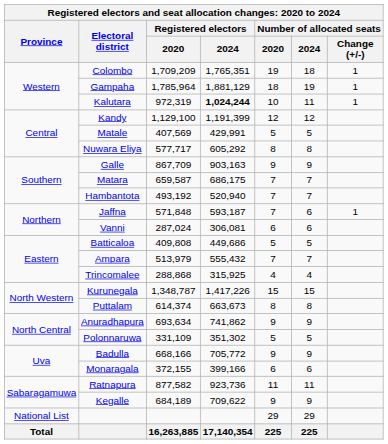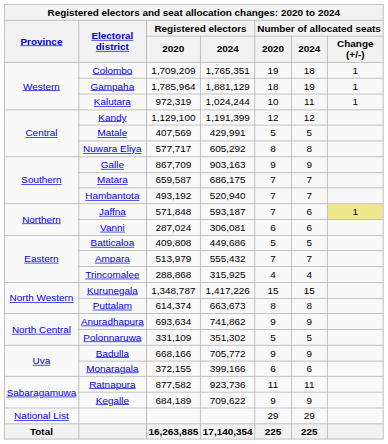 <table class="wikitable sortable sticky-header-multi mw-collapsible" style="font-size:90%; text-align:center">
 <tr>
 <th colspan=7>Registered electors and seat allocation changes: 2020 to 2024</th>
 </tr>
 <tr>
 <th rowspan="2"><a href='#'>Province</a></th>
 <th rowspan="2"><a href='#'>Electoral <br> district</a></th>
 <th colspan="2">Registered electors</th>
 <th colspan="3">Number of allocated seats</th>
 </tr>
 <tr>
 <th>2020</th>
 <th>2024</th>
 <th>2020</th>
 <th>2024</th>
 <th>Change <br> (+/-)</th>
 </tr>
 <tr>
 <td rowspan="3"><a href='#'>Western</a></td>
 <td><a href='#'>Colombo</a></td>
 <td>1,709,209</td>
 <td>1,765,351</td>
 <td>19</td>
 <td>18</td>
 <td>1</td>
 </tr>
 <tr>
 <td><a href='#'>Gampaha</a></td>
 <td>1,785,964</td>
 <td>1,881,129</td>
 <td>18</td>
 <td>19</td>
 <td>1</td>
 </tr>
 <tr>
 <td><a href='#'>Kalutara</a></td>
 <td>972,319</td>
-<td><strong>1,024,244</strong></td>
+<td>1,024,244</td>
 <td>10</td>
 <td>11</td>
 <td>1</td>
 </tr>
 <tr>
 <td rowspan="3"><a href='#'>Central</a></td>
 <td><a href='#'>Kandy</a></td>
 <td>1,129,100</td>
 <td>1,191,399</td>
 <td>12</td>
 <td>12</td>
 <td></td>
 </tr>
 <tr>
 <td><a href='#'>Matale</a></td>
 <td>407,569</td>
 <td>429,991</td>
 <td>5</td>
 <td>5</td>
 <td></td>
 </tr>
 <tr>
 <td><a href='#'>Nuwara Eliya</a></td>
 <td>577,717</td>
 <td>605,292</td>
 <td>8</td>
 <td>8</td>
 <td></td>
 </tr>
 <tr>
 <td rowspan="3"><a href='#'>Southern</a></td>
 <td><a href='#'>Galle</a></td>
 <td>867,709</td>
 <td>903,163</td>
 <td>9</td>
 <td>9</td>
 <td></td>
 </tr>
 <tr>
 <td><a href='#'>Matara</a></td>
 <td>659,587</td>
 <td>686,175</td>
 <td>7</td>
 <td>7</td>
 <td></td>
 </tr>
 <tr>
 <td><a href='#'>Hambantota</a></td>
 <td>493,192</td>
 <td>520,940</td>
 <td>7</td>
 <td>7</td>
 <td></td>
 </tr>
 <tr>
 <td rowspan="2"><a href='#'>Northern</a></td>
 <td><a href='#'>Jaffna</a></td>
 <td>571,848</td>
 <td>593,187</td>
 <td>7</td>
 <td>6</td>
-<td>1</td>
+<td style="background: khaki;">1</td>
 </tr>
 <tr>
 <td><a href='#'>Vanni</a></td>
 <td>287,024</td>
 <td>306,081</td>
 <td>6</td>
 <td>6</td>
 <td></td>
 </tr>
 <tr>
 <td rowspan="3"><a href='#'>Eastern</a></td>
 <td><a href='#'>Batticaloa</a></td>
 <td>409,808</td>
 <td>449,686</td>
 <td>5</td>
 <td>5</td>
 <td></td>
 </tr>
 <tr>
 <td><a href='#'>Ampara</a></td>
 <td>513,979</td>
 <td>555,432</td>
 <td>7</td>
 <td>7</td>
 <td></td>
 </tr>
 <tr>
 <td><a href='#'>Trincomalee</a></td>
 <td>288,868</td>
 <td>315,925</td>
 <td>4</td>
 <td>4</td>
 <td></td>
 </tr>
 <tr>
 <td rowspan="2"><a href='#'>North Western</a></td>
 <td><a href='#'>Kurunegala</a></td>
 <td>1,348,787</td>
 <td>1,417,226</td>
 <td>15</td>
 <td>15</td>
 <td></td>
 </tr>
 <tr>
 <td><a href='#'>Puttalam</a></td>
 <td>614,374</td>
 <td>663,673</td>
 <td>8</td>
 <td>8</td>
 <td></td>
 </tr>
 <tr>
 <td rowspan="2"><a href='#'>North Central</a></td>
 <td><a href='#'>Anuradhapura</a></td>
 <td>693,634</td>
 <td>741,862</td>
 <td>9</td>
 <td>9</td>
 <td></td>
 </tr>
 <tr>
 <td><a href='#'>Polonnaruwa</a></td>
 <td>331,109</td>
 <td>351,302</td>
 <td>5</td>
 <td>5</td>
 <td></td>
 </tr>
 <tr>
 <td rowspan="2"><a href='#'>Uva</a></td>
 <td><a href='#'>Badulla</a></td>
 <td>668,166</td>
 <td>705,772</td>
 <td>9</td>
 <td>9</td>
 <td></td>
 </tr>
 <tr>
 <td><a href='#'>Monaragala</a></td>
 <td>372,155</td>
 <td>399,166</td>
 <td>6</td>
 <td>6</td>
 <td></td>
 </tr>
 <tr>
 <td rowspan="2"><a href='#'>Sabaragamuwa</a></td>
 <td><a href='#'>Ratnapura</a></td>
 <td>877,582</td>
 <td>923,736</td>
 <td>11</td>
 <td>11</td>
 <td></td>
 </tr>
 <tr>
 <td><a href='#'>Kegalle</a></td>
 <td>684,189</td>
 <td>709,622</td>
 <td>9</td>
 <td>9</td>
 <td></td>
 </tr>
 <tr class=sortbottom>
 <td><a href='#'>National List</a></td>
 <td></td>
 <td></td>
 <td></td>
 <td>29</td>
 <td>29</td>
 <td></td>
 </tr>
 <tr>
 <th>Total</th>
 <th></th>
 <th>16,263,885</th>
 <th>17,140,354</th>
 <th>225</th>
 <th>225</th>
 <th></th>
 </tr>
 </table>
